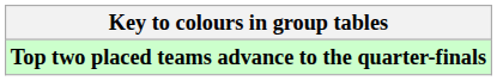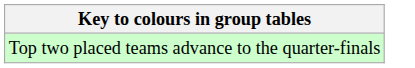 <table class="wikitable">
 <tr>
 <th>Key to colours in group tables</th>
 </tr>
 <tr bgcolor=#ccffcc>
-<td><strong>Top two placed teams advance to the quarter-finals</strong></td>
+<td>Top two placed teams advance to the quarter-finals</td>
 </tr>
 </table>
